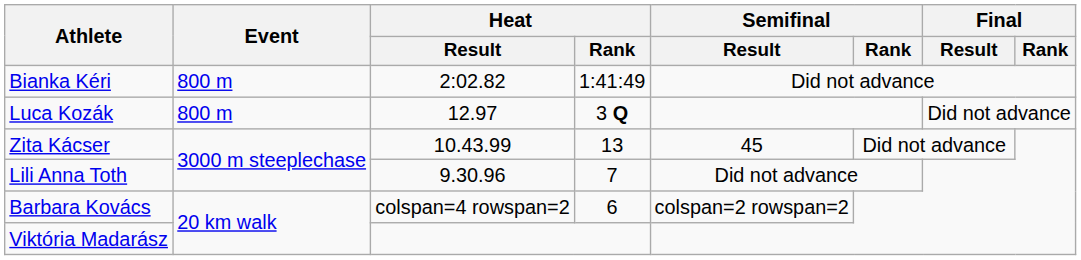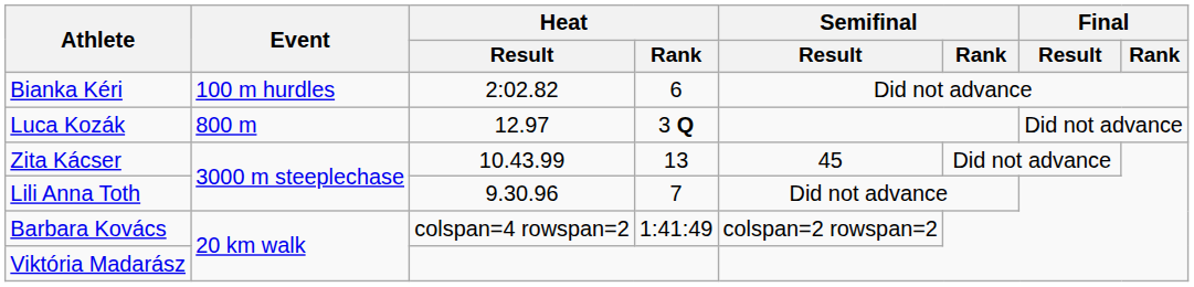 <table class="wikitable" style="font-size:90%">
 <tr>
 <th rowspan="2">Athlete</th>
 <th rowspan="2">Event</th>
 <th colspan="2">Heat</th>
 <th colspan="2">Semifinal</th>
 <th colspan="2">Final</th>
 </tr>
 <tr style="font-size:95%">
 <th>Result</th>
 <th>Rank</th>
 <th>Result</th>
 <th>Rank</th>
 <th>Result</th>
 <th>Rank</th>
 </tr>
 <tr align=center>
 <td align=left><a href='#'>Bianka Kéri</a></td>
-<td align=left><a href='#'>800 m</a></td>
+<td align=left><a href='#'>100 m hurdles</a></td>
 <td>2:02.82</td>
-<td>1:41:49</td>
+<td>6</td>
 <td colspan="4">Did not advance</td>
 </tr>
 <tr align=center>
 <td align=left><a href='#'>Luca Kozák</a></td>
 <td align=left><a href='#'>800 m</a></td>
 <td>12.97</td>
 <td>3 <strong>Q</strong></td>
 <td colspan="2"></td>
 <td colspan="2">Did not advance</td>
 </tr>
 <tr align=center>
 <td align=left><a href='#'>Zita Kácser</a></td>
 <td align=left rowspan=2><a href='#'>3000 m steeplechase</a></td>
 <td>10.43.99</td>
 <td>13</td>
 <td>45</td>
 <td colspan=2>Did not advance</td>
 </tr>
 <tr align=center>
 <td align=left><a href='#'>Lili Anna Toth</a></td>
 <td>9.30.96</td>
 <td>7</td>
 <td colspan=2>Did not advance</td>
 </tr>
 <tr align=center>
 <td align=left><a href='#'>Barbara Kovács</a></td>
 <td align=left rowspan=2><a href='#'>20 km walk</a></td>
 <td>colspan=4 rowspan=2 </td>
-<td>6</td>
+<td>1:41:49</td>
 <td>colspan=2 rowspan=2 </td>
 </tr>
 <tr align=center>
 <td align=left><a href='#'>Viktória Madarász</a></td>
 <td colspan="2"></td>
 </tr>
 </table>
